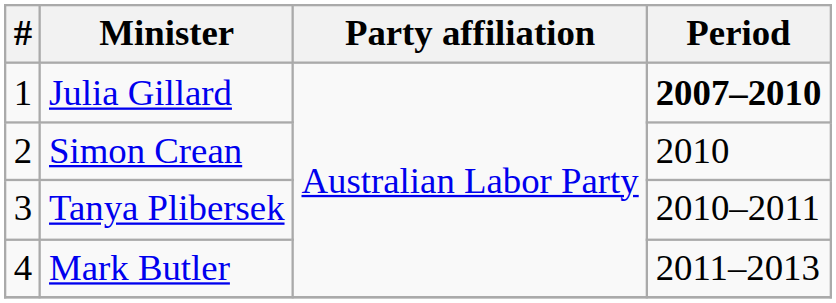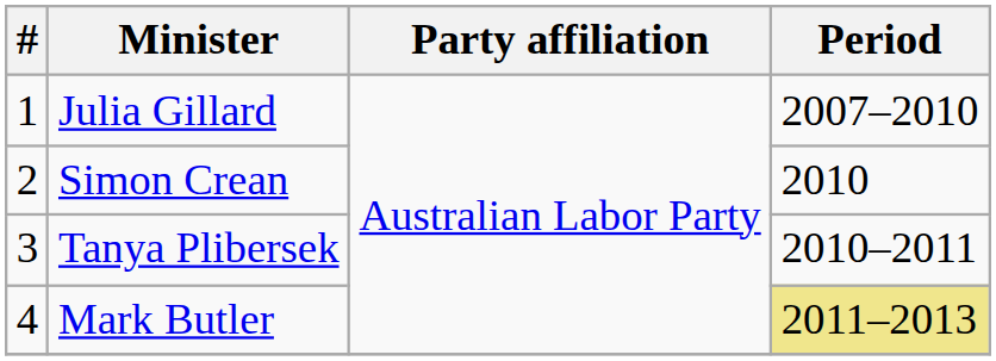 <table class="wikitable">
 <tr>
 <th>#</th>
 <th>Minister</th>
 <th>Party affiliation</th>
 <th>Period</th>
 </tr>
 <tr>
 <td>1</td>
 <td><a href='#'>Julia Gillard</a></td>
 <td rowspan = "4"><a href='#'>Australian Labor Party</a></td>
-<td><strong>2007–2010</strong></td>
+<td>2007–2010</td>
 </tr>
 <tr>
 <td>2</td>
 <td><a href='#'>Simon Crean</a></td>
 <td>2010</td>
 </tr>
 <tr>
 <td>3</td>
 <td><a href='#'>Tanya Plibersek</a></td>
 <td>2010–2011</td>
 </tr>
 <tr>
 <td>4</td>
 <td><a href='#'>Mark Butler</a></td>
-<td>2011–2013</td>
+<td style="background: khaki;">2011–2013</td>
 </tr>
 <tr>
 </tr>
 </table>
